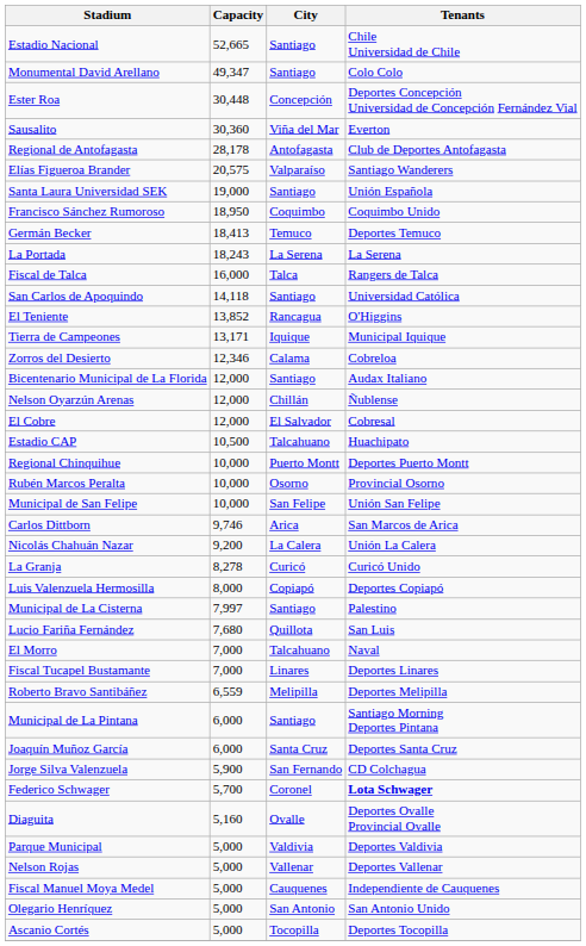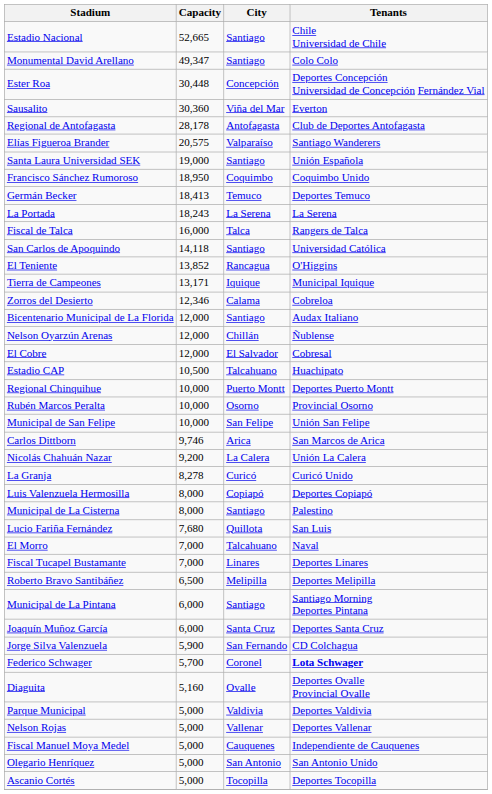 <table class="wikitable sortable">
 <tr>
 <th>Stadium</th>
 <th>Capacity</th>
 <th>City</th>
 <th>Tenants</th>
 </tr>
 <tr>
 <td><a href='#'>Estadio Nacional</a></td>
 <td>52,665</td>
 <td><a href='#'>Santiago</a></td>
 <td><a href='#'>Chile</a><br><a href='#'>Universidad de Chile</a></td>
 </tr>
 <tr>
 <td><a href='#'>Monumental David Arellano</a></td>
 <td>49,347</td>
 <td><a href='#'>Santiago</a></td>
 <td><a href='#'>Colo Colo</a></td>
 </tr>
 <tr>
 <td><a href='#'>Ester Roa</a></td>
 <td>30,448</td>
 <td><a href='#'>Concepción</a></td>
 <td><a href='#'>Deportes Concepción</a><br><a href='#'>Universidad de Concepción</a> <a href='#'>Fernández Vial</a></td>
 </tr>
 <tr>
 <td><a href='#'>Sausalito</a></td>
 <td>30,360</td>
 <td><a href='#'>Viña del Mar</a></td>
 <td><a href='#'>Everton</a></td>
 </tr>
 <tr>
 <td><a href='#'>Regional de Antofagasta</a></td>
 <td>28,178</td>
 <td><a href='#'>Antofagasta</a></td>
 <td><a href='#'>Club de Deportes Antofagasta</a></td>
 </tr>
 <tr>
 <td><a href='#'>Elías Figueroa Brander</a></td>
 <td>20,575</td>
 <td><a href='#'>Valparaíso</a></td>
 <td><a href='#'>Santiago Wanderers</a></td>
 </tr>
 <tr>
 <td><a href='#'>Santa Laura Universidad SEK</a></td>
 <td>19,000</td>
 <td><a href='#'>Santiago</a></td>
 <td><a href='#'>Unión Española</a></td>
 </tr>
 <tr>
 <td><a href='#'>Francisco Sánchez Rumoroso</a></td>
 <td>18,950</td>
 <td><a href='#'>Coquimbo</a></td>
 <td><a href='#'>Coquimbo Unido</a></td>
 </tr>
 <tr>
 <td><a href='#'>Germán Becker</a></td>
 <td>18,413</td>
 <td><a href='#'>Temuco</a></td>
 <td><a href='#'>Deportes Temuco</a></td>
 </tr>
 <tr>
 <td><a href='#'>La Portada</a></td>
 <td>18,243</td>
 <td><a href='#'>La Serena</a></td>
 <td><a href='#'>La Serena</a></td>
 </tr>
 <tr>
 <td><a href='#'>Fiscal de Talca</a></td>
 <td>16,000</td>
 <td><a href='#'>Talca</a></td>
 <td><a href='#'>Rangers de Talca</a></td>
 </tr>
 <tr>
 <td><a href='#'>San Carlos de Apoquindo</a></td>
 <td>14,118</td>
 <td><a href='#'>Santiago</a></td>
 <td><a href='#'>Universidad Católica</a></td>
 </tr>
 <tr>
 <td><a href='#'>El Teniente</a></td>
 <td>13,852</td>
 <td><a href='#'>Rancagua</a></td>
 <td><a href='#'>O'Higgins</a></td>
 </tr>
 <tr>
 <td><a href='#'>Tierra de Campeones</a></td>
 <td>13,171</td>
 <td><a href='#'>Iquique</a></td>
 <td><a href='#'>Municipal Iquique</a></td>
 </tr>
 <tr>
 <td><a href='#'>Zorros del Desierto</a></td>
 <td>12,346</td>
 <td><a href='#'>Calama</a></td>
 <td><a href='#'>Cobreloa</a></td>
 </tr>
 <tr>
 <td><a href='#'>Bicentenario Municipal de La Florida</a></td>
 <td>12,000</td>
 <td><a href='#'>Santiago</a></td>
 <td><a href='#'>Audax Italiano</a></td>
 </tr>
 <tr>
 <td><a href='#'>Nelson Oyarzún Arenas</a></td>
 <td>12,000</td>
 <td><a href='#'>Chillán</a></td>
 <td><a href='#'>Ñublense</a></td>
 </tr>
 <tr>
 <td><a href='#'>El Cobre</a></td>
 <td>12,000</td>
 <td><a href='#'>El Salvador</a></td>
 <td><a href='#'>Cobresal</a></td>
 </tr>
 <tr>
 <td><a href='#'>Estadio CAP</a></td>
 <td>10,500</td>
 <td><a href='#'>Talcahuano</a></td>
 <td><a href='#'>Huachipato</a></td>
 </tr>
 <tr>
 <td><a href='#'>Regional Chinquihue</a></td>
 <td>10,000</td>
 <td><a href='#'>Puerto Montt</a></td>
 <td><a href='#'>Deportes Puerto Montt</a></td>
 </tr>
 <tr>
 <td><a href='#'>Rubén Marcos Peralta</a></td>
 <td>10,000</td>
 <td><a href='#'>Osorno</a></td>
 <td><a href='#'>Provincial Osorno</a></td>
 </tr>
 <tr>
 <td><a href='#'>Municipal de San Felipe</a></td>
 <td>10,000</td>
 <td><a href='#'>San Felipe</a></td>
 <td><a href='#'>Unión San Felipe</a></td>
 </tr>
 <tr>
 <td><a href='#'>Carlos Dittborn</a></td>
 <td>9,746</td>
 <td><a href='#'>Arica</a></td>
 <td><a href='#'>San Marcos de Arica</a></td>
 </tr>
 <tr>
 <td><a href='#'>Nicolás Chahuán Nazar</a></td>
 <td>9,200</td>
 <td><a href='#'>La Calera</a></td>
 <td><a href='#'>Unión La Calera</a></td>
 </tr>
 <tr>
 <td><a href='#'>La Granja</a></td>
 <td>8,278</td>
 <td><a href='#'>Curicó</a></td>
 <td><a href='#'>Curicó Unido</a></td>
 </tr>
 <tr>
 <td><a href='#'>Luis Valenzuela Hermosilla</a></td>
 <td>8,000</td>
 <td><a href='#'>Copiapó</a></td>
 <td><a href='#'>Deportes Copiapó</a></td>
 </tr>
 <tr>
 <td><a href='#'>Municipal de La Cisterna</a></td>
-<td>7,997</td>
+<td>8,000</td>
 <td><a href='#'>Santiago</a></td>
 <td><a href='#'>Palestino</a></td>
 </tr>
 <tr>
 <td><a href='#'>Lucio Fariña Fernández</a></td>
 <td>7,680</td>
 <td><a href='#'>Quillota</a></td>
 <td><a href='#'>San Luis</a></td>
 </tr>
 <tr>
 <td><a href='#'>El Morro</a></td>
 <td>7,000</td>
 <td><a href='#'>Talcahuano</a></td>
 <td><a href='#'>Naval</a></td>
 </tr>
 <tr>
 <td><a href='#'>Fiscal Tucapel Bustamante</a></td>
 <td>7,000</td>
 <td><a href='#'>Linares</a></td>
 <td><a href='#'>Deportes Linares</a></td>
 </tr>
 <tr>
 <td><a href='#'>Roberto Bravo Santibáñez</a></td>
-<td>6,559</td>
+<td>6,500</td>
 <td><a href='#'>Melipilla</a></td>
 <td><a href='#'>Deportes Melipilla</a></td>
 </tr>
 <tr>
 <td><a href='#'>Municipal de La Pintana</a></td>
 <td>6,000</td>
 <td><a href='#'>Santiago</a></td>
 <td><a href='#'>Santiago Morning</a><br><a href='#'>Deportes Pintana</a></td>
 </tr>
 <tr>
 <td><a href='#'>Joaquín Muñoz García</a></td>
 <td>6,000</td>
 <td><a href='#'>Santa Cruz</a></td>
 <td><a href='#'>Deportes Santa Cruz</a></td>
 </tr>
 <tr>
 <td><a href='#'>Jorge Silva Valenzuela</a></td>
 <td>5,900</td>
 <td><a href='#'>San Fernando</a></td>
 <td><a href='#'>CD Colchagua</a></td>
 </tr>
 <tr>
 <td><a href='#'>Federico Schwager</a></td>
 <td>5,700</td>
 <td><a href='#'>Coronel</a></td>
 <td><strong><a href='#'>Lota Schwager</a></strong></td>
 </tr>
 <tr>
 <td><a href='#'>Diaguita</a></td>
 <td>5,160</td>
 <td><a href='#'>Ovalle</a></td>
 <td><a href='#'>Deportes Ovalle</a><br><a href='#'>Provincial Ovalle</a></td>
 </tr>
 <tr>
 <td><a href='#'>Parque Municipal</a></td>
 <td>5,000</td>
 <td><a href='#'>Valdivia</a></td>
 <td><a href='#'>Deportes Valdivia</a></td>
 </tr>
 <tr>
 <td><a href='#'>Nelson Rojas</a></td>
 <td>5,000</td>
 <td><a href='#'>Vallenar</a></td>
 <td><a href='#'>Deportes Vallenar</a></td>
 </tr>
 <tr>
 <td><a href='#'>Fiscal Manuel Moya Medel</a></td>
 <td>5,000</td>
 <td><a href='#'>Cauquenes</a></td>
 <td><a href='#'>Independiente de Cauquenes</a></td>
 </tr>
 <tr>
 <td><a href='#'>Olegario Henríquez</a></td>
 <td>5,000</td>
 <td><a href='#'>San Antonio</a></td>
 <td><a href='#'>San Antonio Unido</a></td>
 </tr>
 <tr>
 <td><a href='#'>Ascanio Cortés</a></td>
 <td>5,000</td>
 <td><a href='#'>Tocopilla</a></td>
 <td><a href='#'>Deportes Tocopilla</a></td>
 </tr>
 <tr>
 </tr>
 </table>
